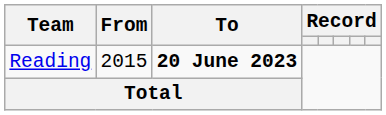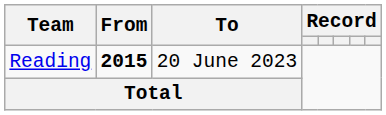 <table class=wikitable style=text-align:center>
 <tr>
 <th rowspan=2 scope="col">Team</th>
 <th rowspan=2 scope="col">From</th>
 <th rowspan=2 scope="col">To</th>
 <th colspan=5 scope="colgroup">Record</th>
 </tr>
 <tr>
 <th scope="col"></th>
 <th scope="col"></th>
 <th scope="col"></th>
 <th scope="col"></th>
 <th scope="col"></th>
 </tr>
 <tr>
 <td><a href='#'>Reading</a></td>
-<td>2015</td>
-<td><strong>20 June 2023<br></strong></td>
+<td><strong>2015</strong></td>
+<td>20 June 2023<br></td>
 </tr>
 <tr>
 <th colspan=3 scope="row">Total<br></th>
 </tr>
 </table>
